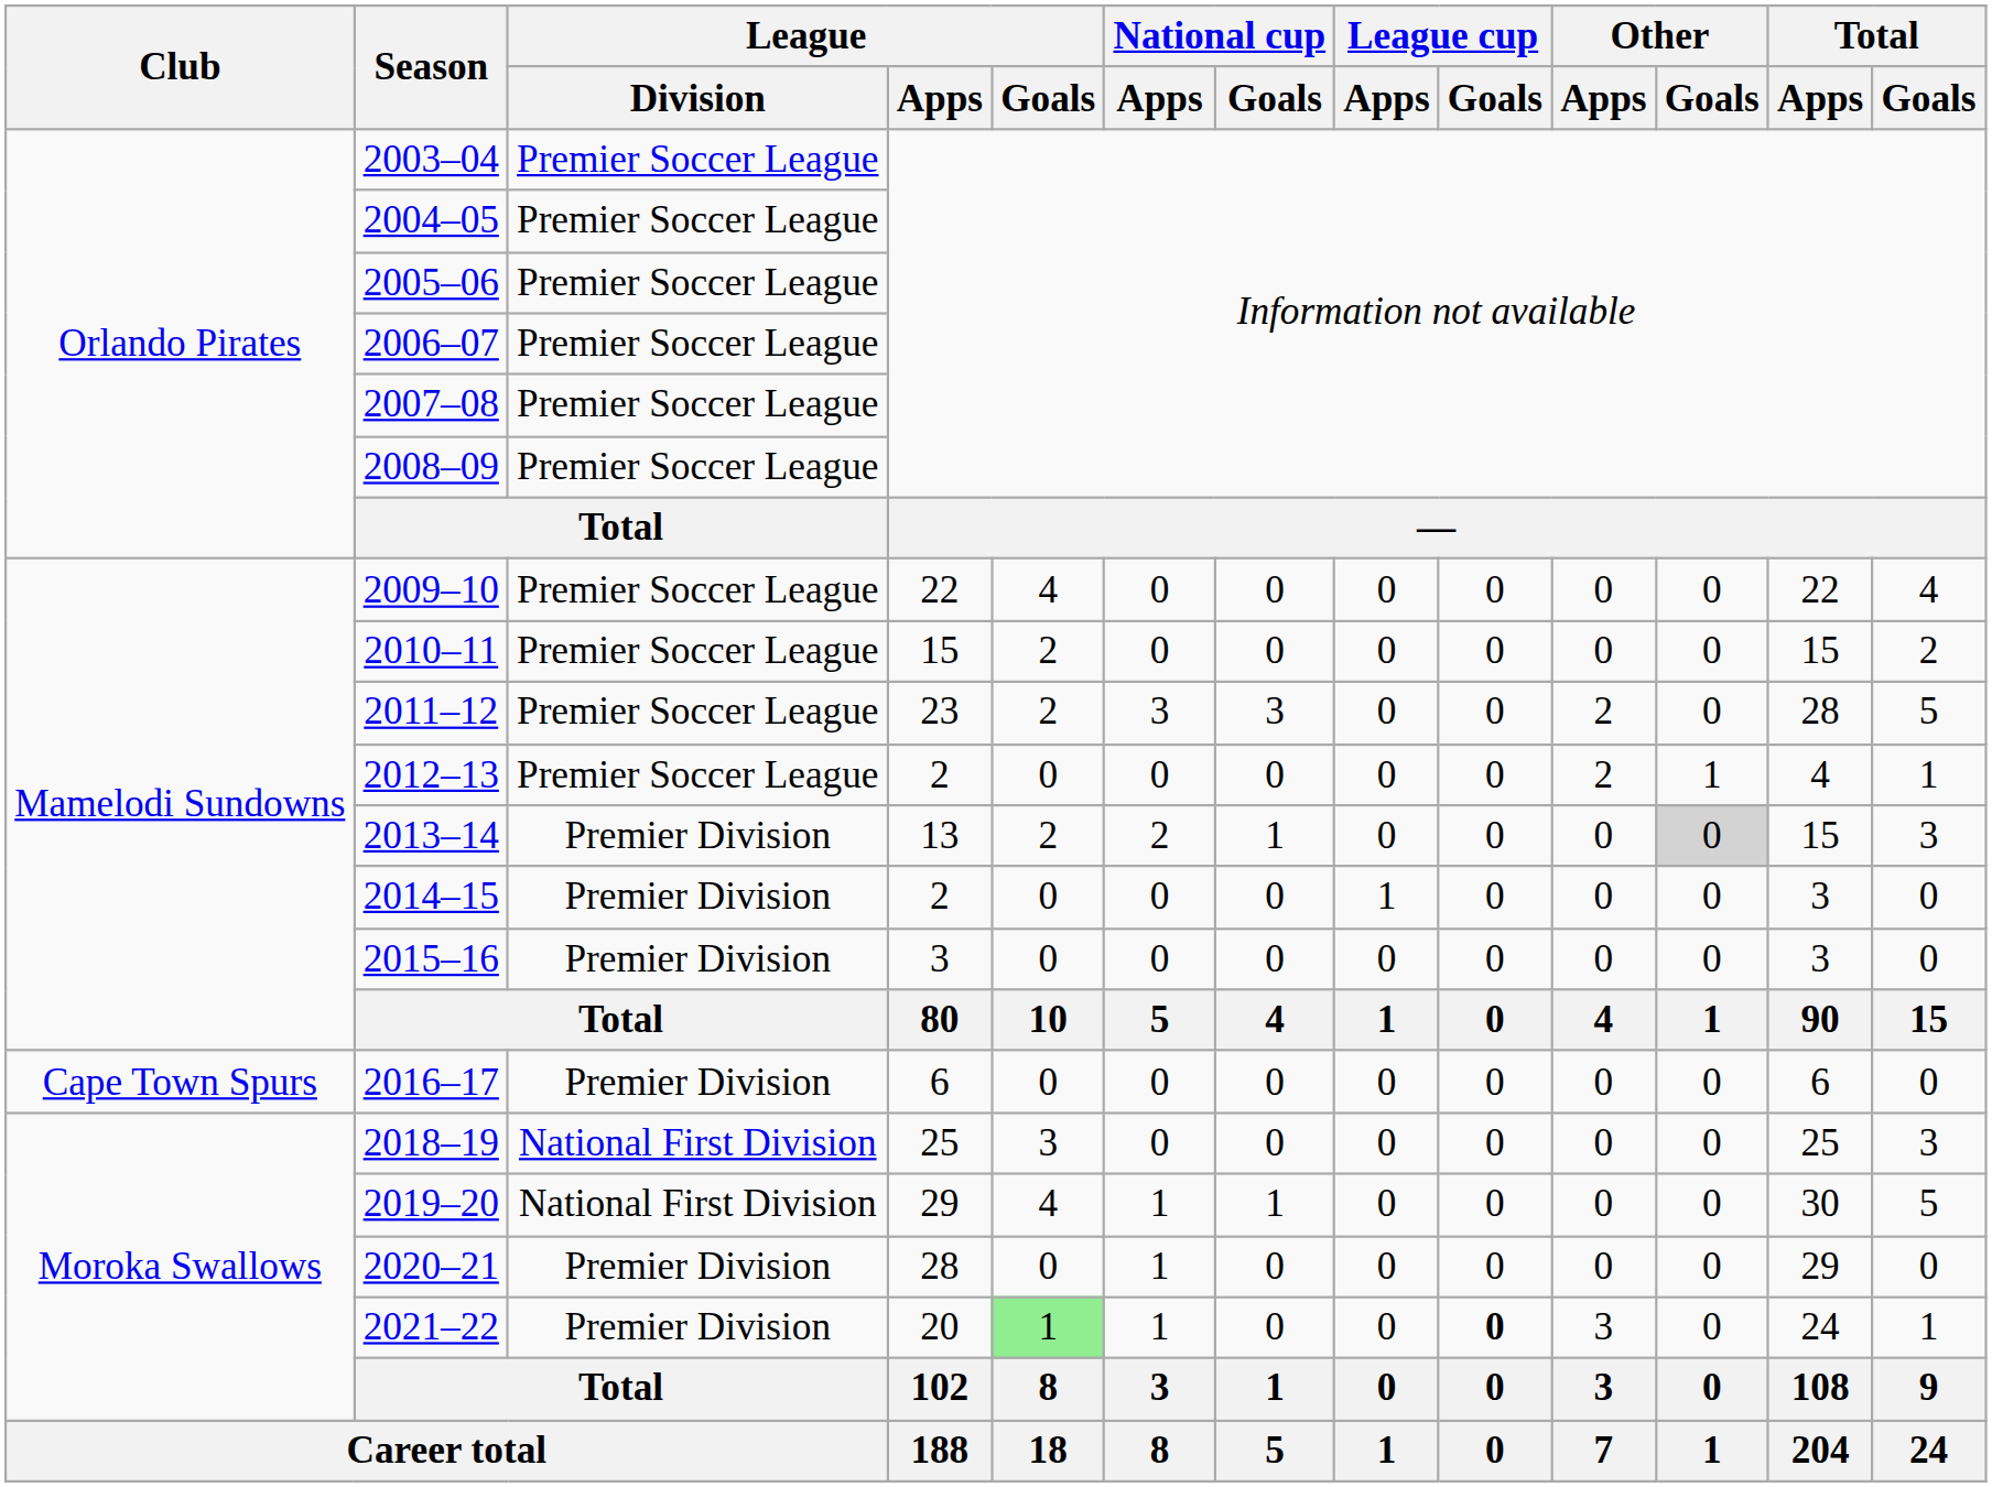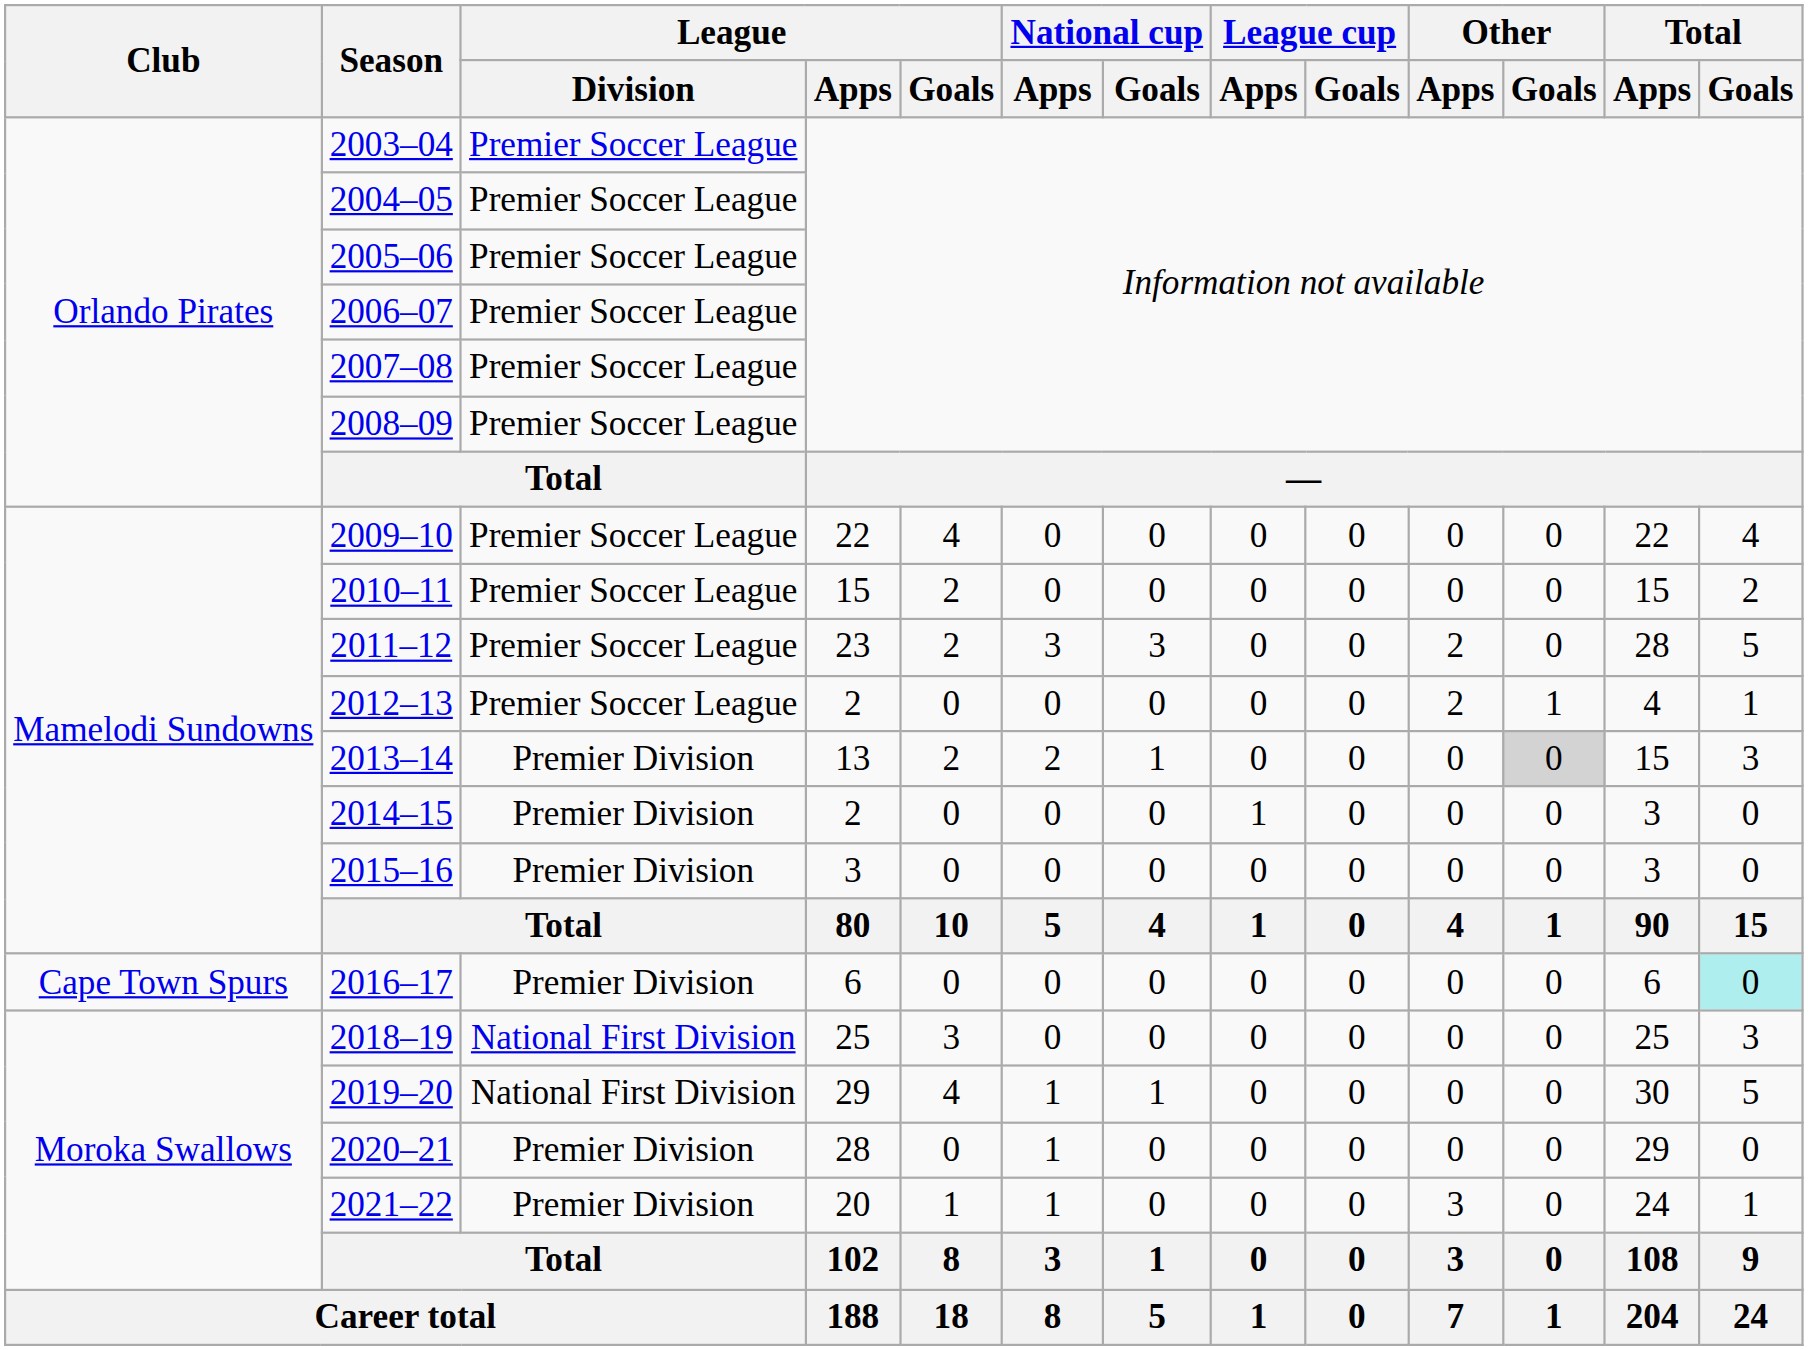 <table class="wikitable" style="text-align: center">
 <tr>
 <th rowspan="2">Club</th>
 <th rowspan="2">Season</th>
 <th colspan="3">League</th>
 <th colspan="2"><a href='#'>National cup</a></th>
 <th colspan="2"><a href='#'>League cup</a></th>
 <th colspan="2">Other</th>
 <th colspan="2">Total</th>
 </tr>
 <tr>
 <th>Division</th>
 <th>Apps</th>
 <th>Goals</th>
 <th>Apps</th>
 <th>Goals</th>
 <th>Apps</th>
 <th>Goals</th>
 <th>Apps</th>
 <th>Goals</th>
 <th>Apps</th>
 <th>Goals</th>
 </tr>
 <tr>
 <td rowspan="7"><a href='#'>Orlando Pirates</a></td>
 <td><a href='#'>2003–04</a></td>
 <td><a href='#'>Premier Soccer League</a></td>
 <td colspan="10" rowspan="6"><em>Information not available</em></td>
 </tr>
 <tr>
 <td><a href='#'>2004–05</a></td>
 <td>Premier Soccer League</td>
 </tr>
 <tr>
 <td><a href='#'>2005–06</a></td>
 <td>Premier Soccer League</td>
 </tr>
 <tr>
 <td><a href='#'>2006–07</a></td>
 <td>Premier Soccer League</td>
 </tr>
 <tr>
 <td><a href='#'>2007–08</a></td>
 <td>Premier Soccer League</td>
 </tr>
 <tr>
 <td><a href='#'>2008–09</a></td>
 <td>Premier Soccer League</td>
 </tr>
 <tr>
 <th colspan="2">Total</th>
 <th colspan="10">—</th>
 </tr>
 <tr>
 <td rowspan="8"><a href='#'>Mamelodi Sundowns</a></td>
 <td><a href='#'>2009–10</a></td>
 <td>Premier Soccer League</td>
 <td>22</td>
 <td>4</td>
 <td>0</td>
 <td>0</td>
 <td>0</td>
 <td>0</td>
 <td>0</td>
 <td>0</td>
 <td>22</td>
 <td>4</td>
 </tr>
 <tr>
 <td><a href='#'>2010–11</a></td>
 <td>Premier Soccer League</td>
 <td>15</td>
 <td>2</td>
 <td>0</td>
 <td>0</td>
 <td>0</td>
 <td>0</td>
 <td>0</td>
 <td>0</td>
 <td>15</td>
 <td>2</td>
 </tr>
 <tr>
 <td><a href='#'>2011–12</a></td>
 <td>Premier Soccer League</td>
 <td>23</td>
 <td>2</td>
 <td>3</td>
 <td>3</td>
 <td>0</td>
 <td>0</td>
 <td>2</td>
 <td>0</td>
 <td>28</td>
 <td>5</td>
 </tr>
 <tr>
 <td><a href='#'>2012–13</a></td>
 <td>Premier Soccer League</td>
 <td>2</td>
 <td>0</td>
 <td>0</td>
 <td>0</td>
 <td>0</td>
 <td>0</td>
 <td>2</td>
 <td>1</td>
 <td>4</td>
 <td>1</td>
 </tr>
 <tr>
 <td><a href='#'>2013–14</a></td>
 <td>Premier Division</td>
 <td>13</td>
 <td>2</td>
 <td>2</td>
 <td>1</td>
 <td>0</td>
 <td>0</td>
 <td>0</td>
 <td style="background: lightgrey;">0</td>
 <td>15</td>
 <td>3</td>
 </tr>
 <tr>
 <td><a href='#'>2014–15</a></td>
 <td>Premier Division</td>
 <td>2</td>
 <td>0</td>
 <td>0</td>
 <td>0</td>
 <td>1</td>
 <td>0</td>
 <td>0</td>
 <td>0</td>
 <td>3</td>
 <td>0</td>
 </tr>
 <tr>
 <td><a href='#'>2015–16</a></td>
 <td>Premier Division</td>
 <td>3</td>
 <td>0</td>
 <td>0</td>
 <td>0</td>
 <td>0</td>
 <td>0</td>
 <td>0</td>
 <td>0</td>
 <td>3</td>
 <td>0</td>
 </tr>
 <tr>
 <th colspan="2">Total</th>
 <th>80</th>
 <th>10</th>
 <th>5</th>
 <th>4</th>
 <th>1</th>
 <th>0</th>
 <th>4</th>
 <th>1</th>
 <th>90</th>
 <th>15</th>
 </tr>
 <tr>
 <td><a href='#'>Cape Town Spurs</a></td>
 <td><a href='#'>2016–17</a></td>
 <td>Premier Division</td>
 <td>6</td>
 <td>0</td>
 <td>0</td>
 <td>0</td>
 <td>0</td>
 <td>0</td>
 <td>0</td>
 <td>0</td>
 <td>6</td>
-<td>0</td>
+<td style="background: paleturquoise;">0</td>
 </tr>
 <tr>
 <td rowspan="5"><a href='#'>Moroka Swallows</a></td>
 <td><a href='#'>2018–19</a></td>
 <td><a href='#'>National First Division</a></td>
 <td>25</td>
 <td>3</td>
 <td>0</td>
 <td>0</td>
 <td>0</td>
 <td>0</td>
 <td>0</td>
 <td>0</td>
 <td>25</td>
 <td>3</td>
 </tr>
 <tr>
 <td><a href='#'>2019–20</a></td>
 <td>National First Division</td>
 <td>29</td>
 <td>4</td>
 <td>1</td>
 <td>1</td>
 <td>0</td>
 <td>0</td>
 <td>0</td>
 <td>0</td>
 <td>30</td>
 <td>5</td>
 </tr>
 <tr>
 <td><a href='#'>2020–21</a></td>
 <td>Premier Division</td>
 <td>28</td>
 <td>0</td>
 <td>1</td>
 <td>0</td>
 <td>0</td>
 <td>0</td>
 <td>0</td>
 <td>0</td>
 <td>29</td>
 <td>0</td>
 </tr>
 <tr>
 <td><a href='#'>2021–22</a></td>
 <td>Premier Division</td>
 <td>20</td>
-<td style="background: lightgreen;">1</td>
+<td>1</td>
 <td>1</td>
 <td>0</td>
 <td>0</td>
-<td><strong>0</strong></td>
+<td>0</td>
 <td>3</td>
 <td>0</td>
 <td>24</td>
 <td>1</td>
 </tr>
 <tr>
 <th colspan="2">Total</th>
 <th>102</th>
 <th>8</th>
 <th>3</th>
 <th>1</th>
 <th>0</th>
 <th>0</th>
 <th>3</th>
 <th>0</th>
 <th>108</th>
 <th>9</th>
 </tr>
 <tr>
 <th colspan="3">Career total</th>
 <th>188</th>
 <th>18</th>
 <th>8</th>
 <th>5</th>
 <th>1</th>
 <th>0</th>
 <th>7</th>
 <th>1</th>
 <th>204</th>
 <th>24</th>
 </tr>
 </table>
